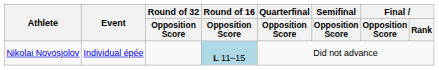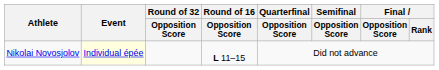 <table class="wikitable" style="font-size:90%">
 <tr>
 <th rowspan="2">Athlete</th>
 <th rowspan="2">Event</th>
 <th>Round of 32</th>
 <th>Round of 16</th>
 <th>Quarterfinal</th>
 <th>Semifinal</th>
 <th colspan=2>Final / </th>
 </tr>
 <tr style="font-size:95%">
 <th>Opposition <br> Score</th>
 <th>Opposition <br> Score</th>
 <th>Opposition <br> Score</th>
 <th>Opposition <br> Score</th>
 <th>Opposition <br> Score</th>
 <th>Rank</th>
 </tr>
 <tr align=center>
 <td align=left><a href='#'>Nikolai Novosjolov</a></td>
-<td align=left><a href='#'>Individual épée</a></td>
+<td align=left style="background: lightyellow;"><a href='#'>Individual épée</a></td>
 <td></td>
-<td style="background: lightblue;"> <br><strong>L</strong> 11–15</td>
+<td> <br><strong>L</strong> 11–15</td>
 <td colspan=4>Did not advance</td>
 </tr>
 </table>
